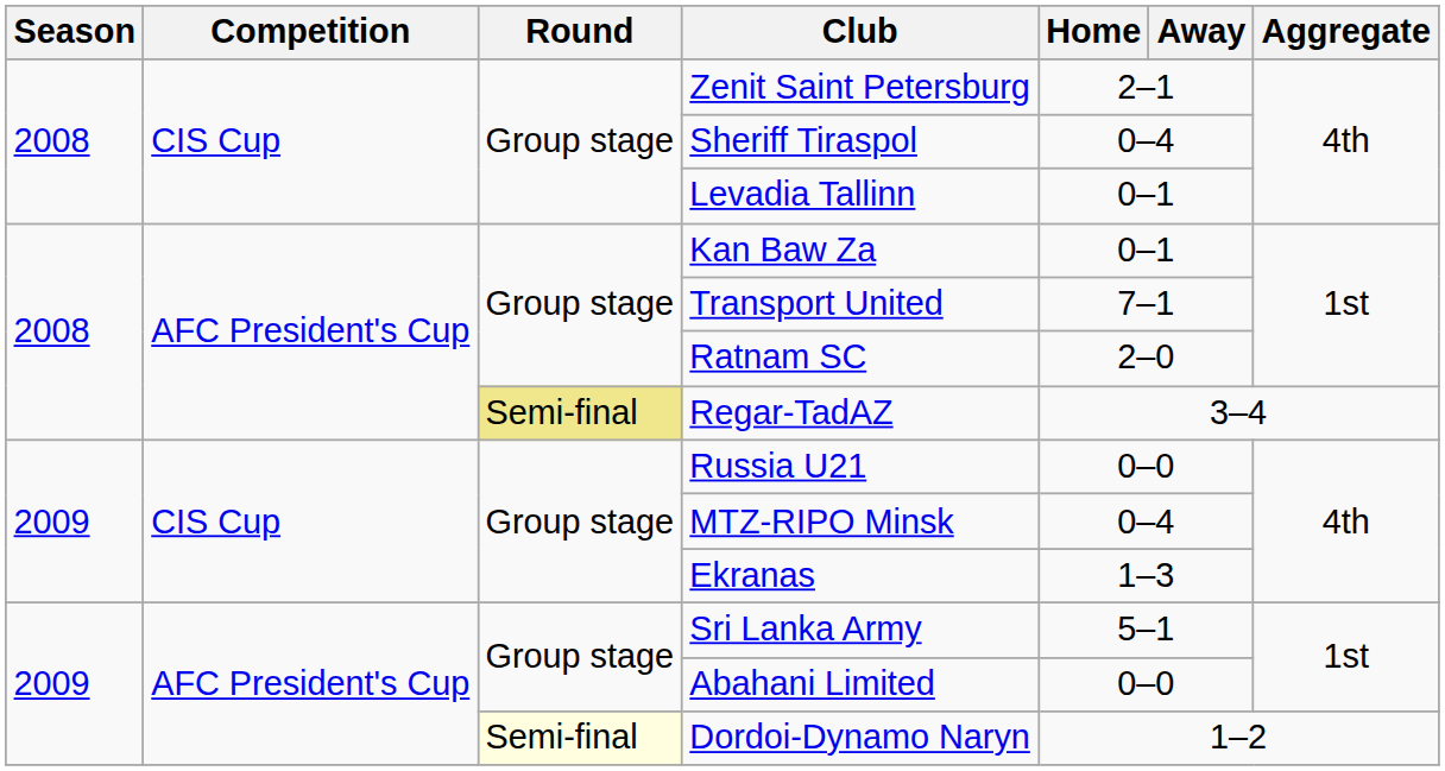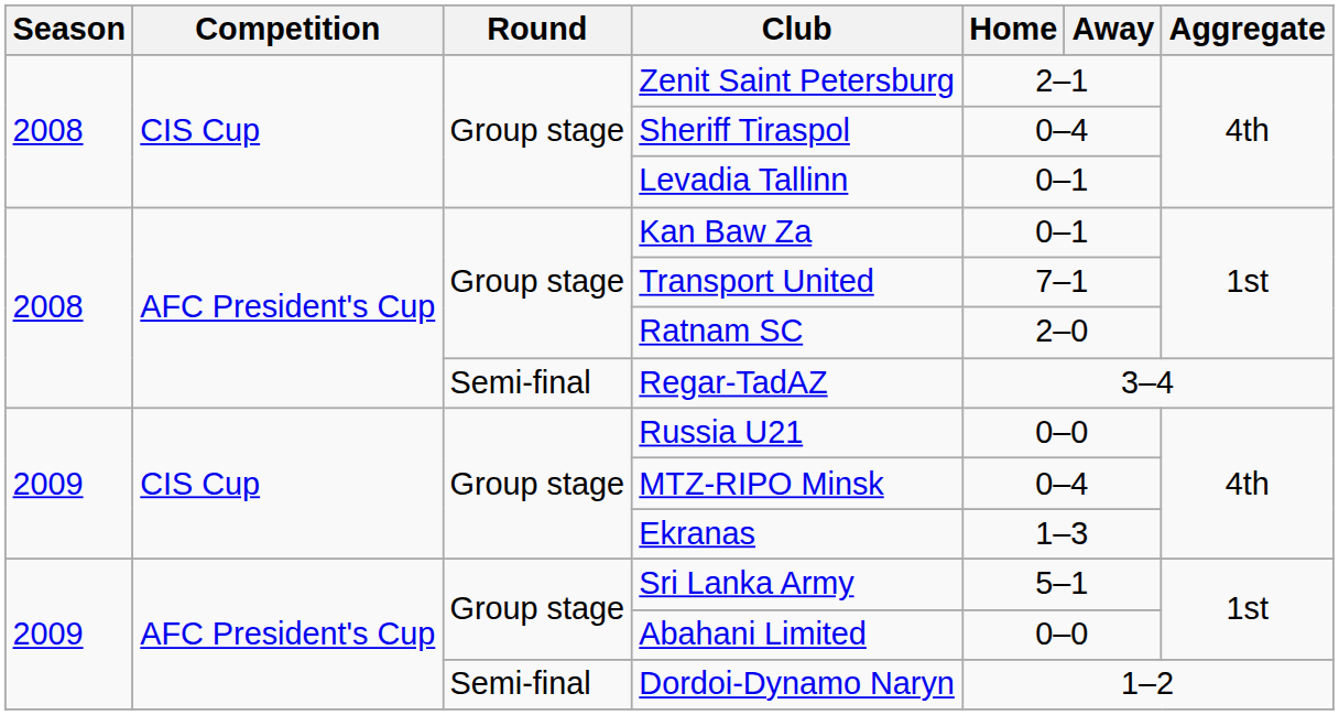 <table class="wikitable">
 <tr>
 <th>Season</th>
 <th>Competition</th>
 <th>Round</th>
 <th>Club</th>
 <th>Home</th>
 <th>Away</th>
 <th>Aggregate</th>
 </tr>
 <tr>
 <td rowspan="3"><a href='#'>2008</a></td>
 <td rowspan="3"><a href='#'>CIS Cup</a></td>
 <td rowspan="3">Group stage</td>
 <td> <a href='#'>Zenit Saint Petersburg</a></td>
 <td colspan=2; style="text-align:center;">2–1</td>
 <td rowspan=3; style="text-align:center;">4th</td>
 </tr>
 <tr>
 <td> <a href='#'>Sheriff Tiraspol</a></td>
 <td colspan=2; style="text-align:center;">0–4</td>
 </tr>
 <tr>
 <td> <a href='#'>Levadia Tallinn</a></td>
 <td colspan=2; style="text-align:center;">0–1</td>
 </tr>
 <tr>
 <td rowspan="4"><a href='#'>2008</a></td>
 <td rowspan="4"><a href='#'>AFC President's Cup</a></td>
 <td rowspan="3">Group stage</td>
 <td> <a href='#'>Kan Baw Za</a></td>
 <td colspan=2; style="text-align:center;">0–1</td>
 <td rowspan=3; style="text-align:center;">1st</td>
 </tr>
 <tr>
 <td> <a href='#'>Transport United</a></td>
 <td colspan=2; style="text-align:center;">7–1</td>
 </tr>
 <tr>
 <td> <a href='#'>Ratnam SC</a></td>
 <td colspan=2; style="text-align:center;">2–0</td>
 </tr>
 <tr>
-<td style="background: khaki;">Semi-final</td>
+<td>Semi-final</td>
 <td> <a href='#'>Regar-TadAZ</a></td>
 <td colspan=3; style="text-align:center;">3–4</td>
 </tr>
 <tr>
 <td rowspan="3"><a href='#'>2009</a></td>
 <td rowspan="3"><a href='#'>CIS Cup</a></td>
 <td rowspan="3">Group stage</td>
 <td> <a href='#'>Russia U21</a></td>
 <td colspan=2; style="text-align:center;">0–0</td>
 <td rowspan=3; style="text-align:center;">4th</td>
 </tr>
 <tr>
 <td> <a href='#'>MTZ-RIPO Minsk</a></td>
 <td colspan=2; style="text-align:center;">0–4</td>
 </tr>
 <tr>
 <td> <a href='#'>Ekranas</a></td>
 <td colspan=2; style="text-align:center;">1–3</td>
 </tr>
 <tr>
 <td rowspan="3"><a href='#'>2009</a></td>
 <td rowspan="3"><a href='#'>AFC President's Cup</a></td>
 <td rowspan="2">Group stage</td>
 <td> <a href='#'>Sri Lanka Army</a></td>
 <td colspan=2; style="text-align:center;">5–1</td>
 <td rowspan=2; style="text-align:center;">1st</td>
 </tr>
 <tr>
 <td> <a href='#'>Abahani Limited</a></td>
 <td colspan=2; style="text-align:center;">0–0</td>
 </tr>
 <tr>
-<td style="background: lightyellow;">Semi-final</td>
+<td>Semi-final</td>
 <td> <a href='#'>Dordoi-Dynamo Naryn</a></td>
 <td colspan=3; style="text-align:center;">1–2</td>
 </tr>
 </table>
